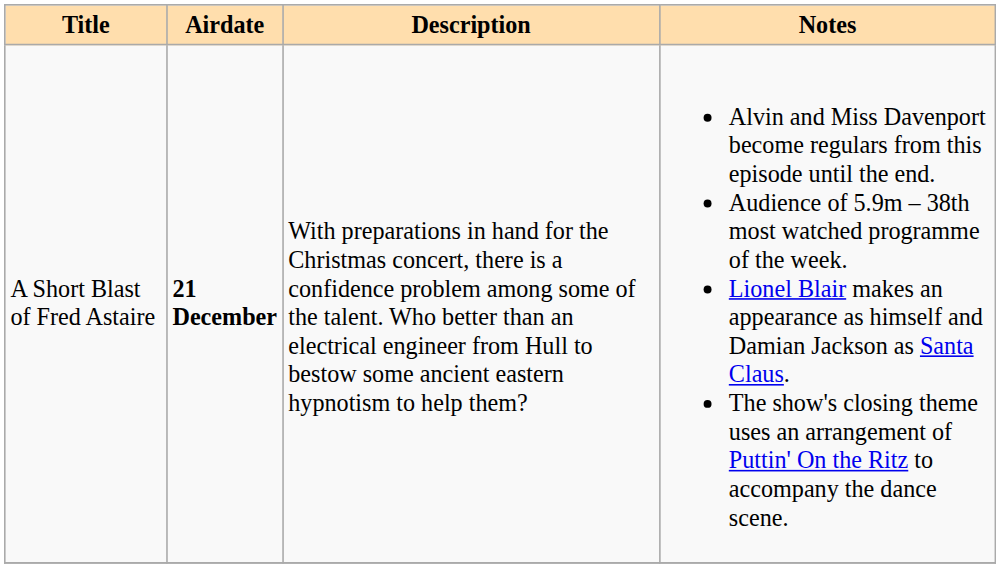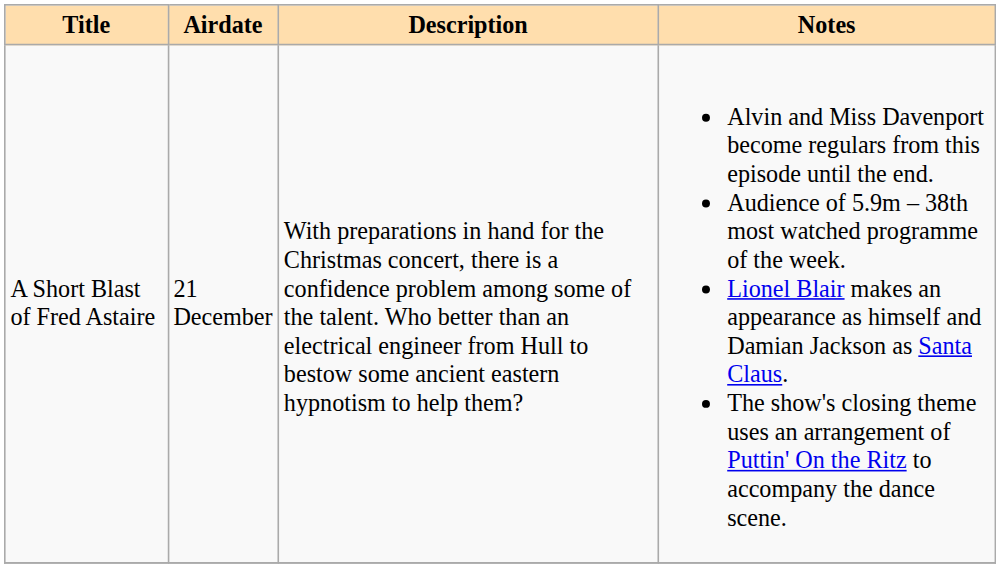 <table class="wikitable" width=100% border=1 style="font-size: 95%">
 <tr>
 <th style="background:#ffdead" width=17%>Title</th>
 <th style="background:#ffdead" width=8%>Airdate</th>
 <th style="background:#ffdead" width=40%>Description</th>
 <th style="background:#ffdead" width=35%>Notes</th>
 </tr>
 <tr>
 <td>A Short Blast of Fred Astaire</td>
-<td><strong>21 December</strong></td>
+<td>21 December</td>
 <td><br>With preparations in hand for the Christmas concert, there is a confidence problem among some of the talent. Who better than an electrical engineer from Hull to bestow some ancient eastern hypnotism to help them?</td>
 <td><br><ul><li>Alvin and Miss Davenport become regulars from this episode until the end.</li><li>Audience of 5.9m – 38th most watched programme of the week.</li><li><a href='#'>Lionel Blair</a> makes an appearance as himself and Damian Jackson as <a href='#'>Santa Claus</a>.</li><li>The show's closing theme uses an arrangement of <a href='#'>Puttin' On the Ritz</a> to accompany the dance scene.</li></ul></td>
 </tr>
 <tr>
 </tr>
 </table>
